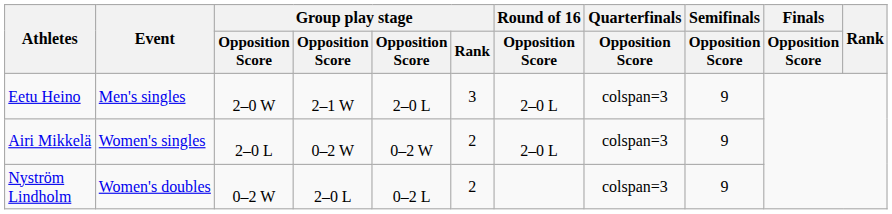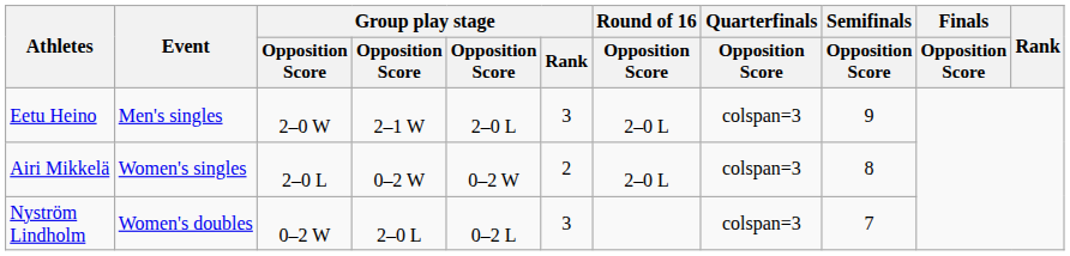 <table class=wikitable style="font-size:90%">
 <tr>
 <th rowspan="2">Athletes</th>
 <th rowspan="2">Event</th>
 <th colspan="4">Group play stage</th>
 <th>Round of 16</th>
 <th>Quarterfinals</th>
 <th>Semifinals</th>
 <th>Finals</th>
 <th rowspan="2">Rank</th>
 </tr>
 <tr style="font-size:95%">
 <th>Opposition<br>Score</th>
 <th>Opposition<br>Score</th>
 <th>Opposition<br>Score</th>
 <th>Rank</th>
 <th>Opposition<br>Score</th>
 <th>Opposition<br>Score</th>
 <th>Opposition<br>Score</th>
 <th>Opposition<br>Score</th>
 </tr>
 <tr align=center>
 <td align=left><a href='#'>Eetu Heino</a></td>
 <td align=left><a href='#'>Men's singles</a></td>
 <td><br>2–0 W</td>
 <td><br>2–1 W</td>
 <td><br>2–0 L</td>
 <td>3</td>
 <td><br>2–0 L</td>
 <td>colspan=3 </td>
 <td>9</td>
 </tr>
 <tr align=center>
 <td align=left><a href='#'>Airi Mikkelä</a></td>
 <td align=left><a href='#'>Women's singles</a></td>
 <td><br>2–0 L</td>
 <td><br>0–2 W</td>
 <td><br>0–2 W</td>
 <td>2</td>
 <td><br>2–0 L</td>
 <td>colspan=3 </td>
-<td>9</td>
+<td>8</td>
 </tr>
 <tr align=center>
 <td align=left><a href='#'>Nyström</a><br><a href='#'>Lindholm</a></td>
 <td align=left><a href='#'>Women's doubles</a></td>
 <td><br>0–2 W</td>
 <td><br>2–0 L</td>
 <td><br>0–2 L</td>
-<td>2</td>
+<td>3</td>
 <td></td>
 <td>colspan=3 </td>
-<td>9</td>
+<td>7</td>
 </tr>
 </table>
